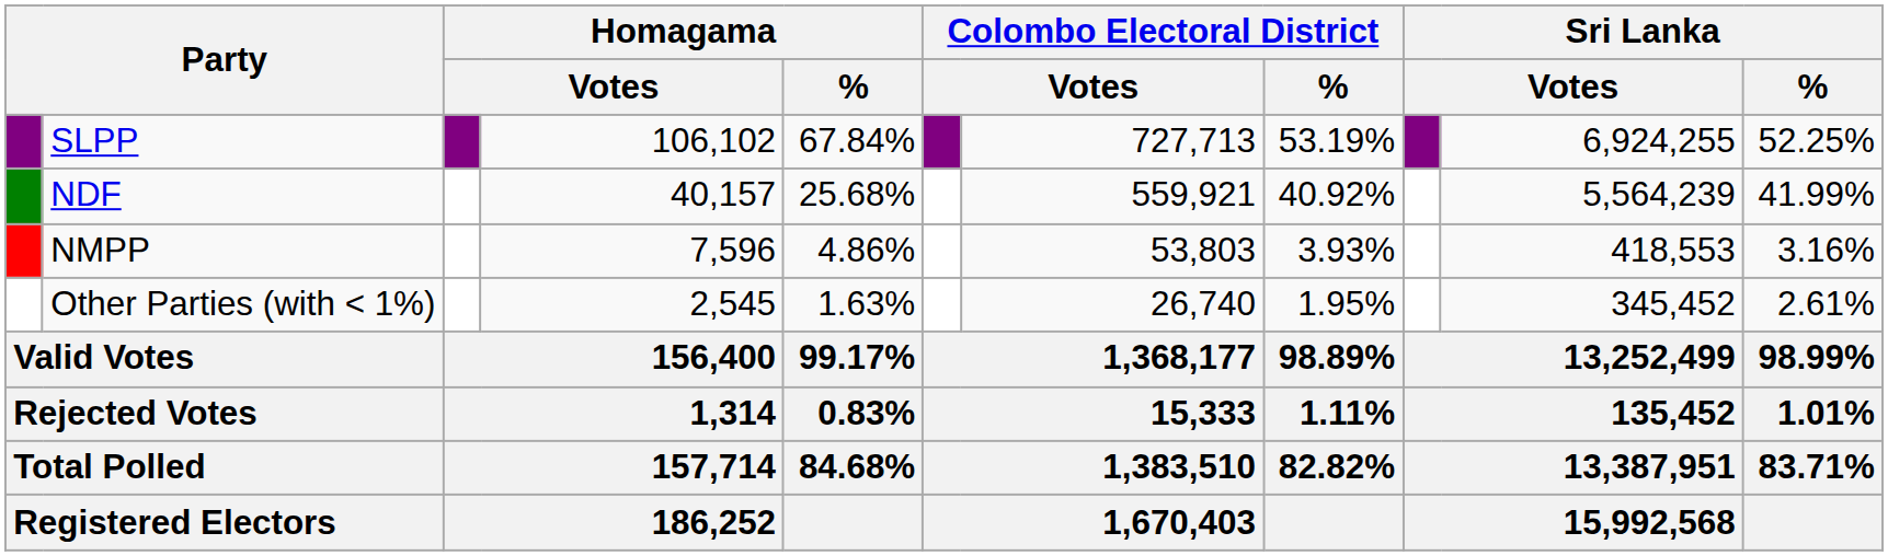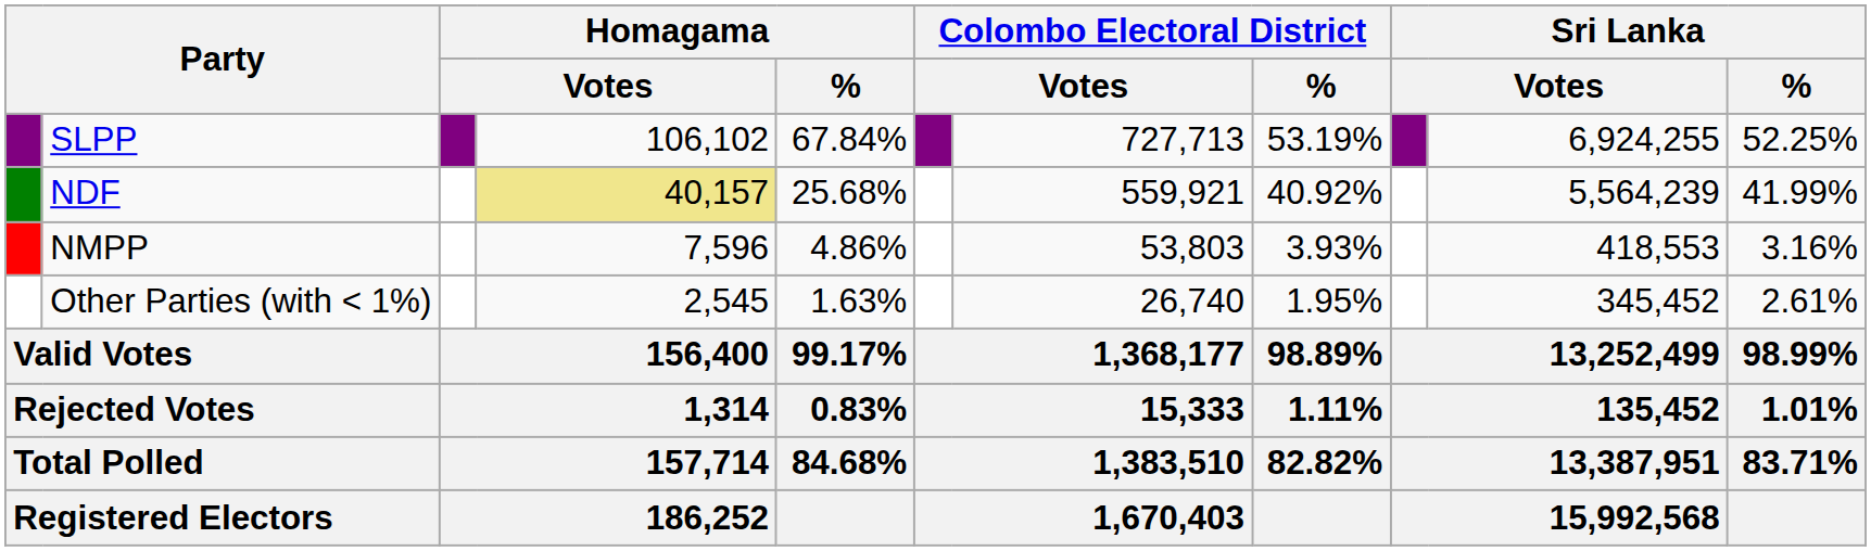 <table class="wikitable">
 <tr>
 <th colspan="2" width="144px"rowspan="2">Party</th>
 <th colspan="3" width="216px">Homagama</th>
 <th colspan="3" width="216px"><a href='#'>Colombo Electoral District</a></th>
 <th colspan="3" width="216px">Sri Lanka</th>
 </tr>
 <tr>
 <th colspan="2" width="144px">Votes</th>
 <th>%</th>
 <th colspan="2" width="144px">Votes</th>
 <th>%</th>
 <th colspan="2" width="144px">Votes</th>
 <th>%</th>
 </tr>
 <tr>
 <td style="background-color:purple;" width="10px"></td>
 <td style="text-align:left;"><a href='#'>SLPP</a></td>
 <td style="background-color:purple;" width="10px"></td>
 <td style="text-align:right;">106,102</td>
 <td style="text-align:right;">67.84%</td>
 <td style="background-color:purple;" width="10px"></td>
 <td style="text-align:right;">727,713</td>
 <td style="text-align:right;">53.19%</td>
 <td style="background-color:purple;" width="10px"></td>
 <td style="text-align:right;">6,924,255</td>
 <td style="text-align:right;">52.25%</td>
 </tr>
 <tr>
 <td style="background-color:green;" width="10px"></td>
 <td style="text-align:left;"><a href='#'>NDF</a></td>
 <td style="background-color:white;" width="10px"></td>
-<td style="text-align:right;">40,157</td>
+<td style="background: khaki; text-align:right;">40,157</td>
 <td style="text-align:right;">25.68%</td>
 <td style="background-color:white;" width="10px"></td>
 <td style="text-align:right;">559,921</td>
 <td style="text-align:right;">40.92%</td>
 <td style="background-color:white;" width="10px"></td>
 <td style="text-align:right;">5,564,239</td>
 <td style="text-align:right;">41.99%</td>
 </tr>
 <tr>
 <td style="background-color:red;" width="10px"></td>
 <td style="text-align:left;">NMPP</td>
 <td style="background-color:white;" width="10px"></td>
 <td style="text-align:right;">7,596</td>
 <td style="text-align:right;">4.86%</td>
 <td style="background-color:white;" width="10px"></td>
 <td style="text-align:right;">53,803</td>
 <td style="text-align:right;">3.93%</td>
 <td style="background-color:white;" width="10px"></td>
 <td style="text-align:right;">418,553</td>
 <td style="text-align:right;">3.16%</td>
 </tr>
 <tr>
 <td style="background-color:white;" width="10px"></td>
 <td style="text-align:left;">Other Parties (with < 1%)</td>
 <td style="background-color:white;" width="10px"></td>
 <td style="text-align:right;">2,545</td>
 <td style="text-align:right;">1.63%</td>
 <td style="background-color:white;" width="10px"></td>
 <td style="text-align:right;">26,740</td>
 <td style="text-align:right;">1.95%</td>
 <td style="background-color:white;" width="10px"></td>
 <td style="text-align:right;">345,452</td>
 <td style="text-align:right;">2.61%</td>
 </tr>
 <tr>
 <th colspan="2" width="144px"style="text-align:left;">Valid Votes</th>
 <th style="text-align:right;"colspan="2" width="144px">156,400</th>
 <th style="text-align:right;">99.17%</th>
 <th style="text-align:right;"colspan="2" width="144px">1,368,177</th>
 <th style="text-align:right;">98.89%</th>
 <th style="text-align:right;"colspan="2" width="144px">13,252,499</th>
 <th style="text-align:right;">98.99%</th>
 </tr>
 <tr>
 <th colspan="2" width="144px"style="text-align:left;">Rejected Votes</th>
 <th style="text-align:right;"colspan="2" width="144px">1,314</th>
 <th style="text-align:right;">0.83%</th>
 <th style="text-align:right;"colspan="2" width="144px">15,333</th>
 <th style="text-align:right;">1.11%</th>
 <th style="text-align:right;"colspan="2" width="144px">135,452</th>
 <th style="text-align:right;">1.01%</th>
 </tr>
 <tr>
 <th colspan="2" width="144px"style="text-align:left;">Total Polled</th>
 <th style="text-align:right;"colspan="2" width="144px">157,714</th>
 <th style="text-align:right;">84.68%</th>
 <th style="text-align:right;"colspan="2" width="144px">1,383,510</th>
 <th style="text-align:right;">82.82%</th>
 <th style="text-align:right;"colspan="2" width="144px">13,387,951</th>
 <th style="text-align:right;">83.71%</th>
 </tr>
 <tr>
 <th colspan="2" width="144px"style="text-align:left;">Registered Electors</th>
 <th style="text-align:right;"colspan="2" width="144px">186,252</th>
 <th></th>
 <th style="text-align:right;"colspan="2" width="144px">1,670,403</th>
 <th></th>
 <th style="text-align:right;"colspan="2" width="144px">15,992,568</th>
 <th></th>
 </tr>
 </table>
